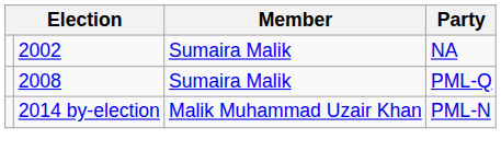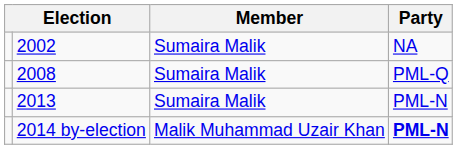 <table class="wikitable">
 <tr>
 <th colspan="2">Election</th>
 <th>Member</th>
 <th>Party</th>
 </tr>
 <tr>
 <td style="background-color: "></td>
 <td><a href='#'>2002</a></td>
 <td><a href='#'>Sumaira Malik</a></td>
 <td><a href='#'>NA</a></td>
 </tr>
 <tr>
 <td style="background-color: "></td>
 <td><a href='#'>2008</a></td>
 <td><a href='#'>Sumaira Malik</a></td>
 <td><a href='#'>PML-Q</a></td>
 </tr>
 <tr>
 <td style="background-color: "></td>
+<td><a href='#'>2013</a></td>
+<td><a href='#'>Sumaira Malik</a></td>
+<td><a href='#'>PML-N</a></td>
+</tr>
+<tr>
+<td style="background-color: "></td>
 <td><a href='#'>2014 by-election</a></td>
 <td><a href='#'>Malik Muhammad Uzair Khan</a></td>
-<td><a href='#'>PML-N</a></td>
+<td><strong><a href='#'>PML-N</a></strong></td>
 </tr>
 </table>
